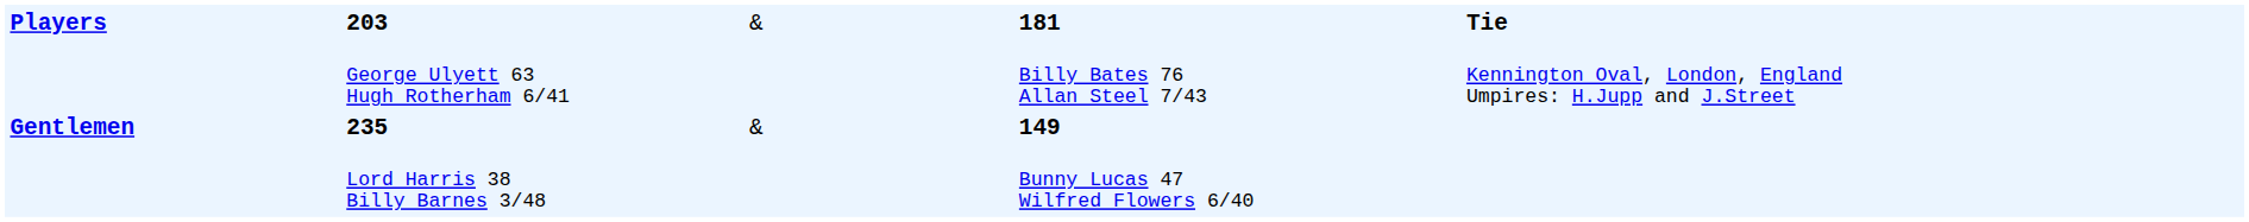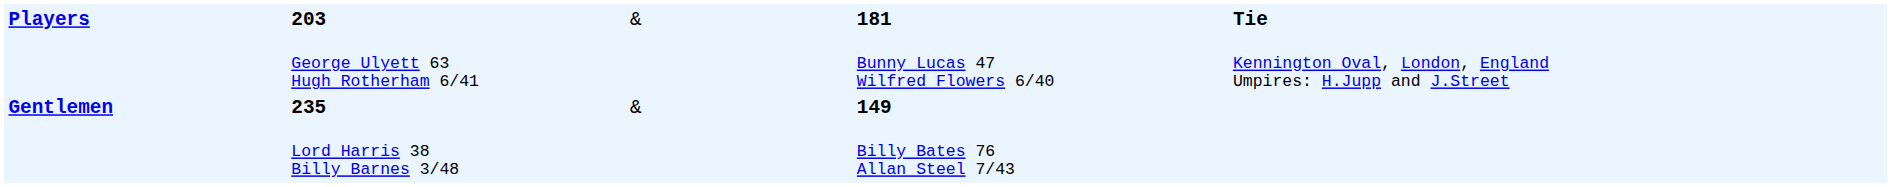 <table width="100%" style="background: #EBF5FF">
 <tr>
 <td width="15%" valign="top" rowspan="2"><strong><a href='#'>Players</a></strong></td>
 <td width="18%"><strong>203</strong></td>
 <td width="12%">&</td>
 <td width="20%"><strong>181</strong></td>
 <td width="35%"><strong>Tie</strong></td>
 </tr>
 <tr>
 <td style="font-size: 85%;" valign="top"><br><a href='#'>George Ulyett</a> 63<br> <a href='#'>Hugh Rotherham</a> 6/41</td>
 <td></td>
-<td style="font-size: 85%;"><br><a href='#'>Billy Bates</a> 76<br> <a href='#'>Allan Steel</a> 7/43</td>
+<td valign="top" style="font-size: 85%;"><br><a href='#'>Bunny Lucas</a> 47<br> <a href='#'>Wilfred Flowers</a> 6/40</td>
 <td valign="top" style="font-size: 85%;" rowspan="3"><br><a href='#'>Kennington Oval</a>, <a href='#'>London</a>, <a href='#'>England</a><br> Umpires: <a href='#'>H.Jupp</a> and <a href='#'>J.Street</a></td>
 </tr>
 <tr>
 <td valign="top" rowspan="2"><strong><a href='#'>Gentlemen</a></strong></td>
 <td><strong>235</strong></td>
 <td>&</td>
 <td><strong>149</strong></td>
 </tr>
 <tr>
 <td style="font-size: 85%;"><br><a href='#'>Lord Harris</a> 38<br> <a href='#'>Billy Barnes</a> 3/48</td>
 <td></td>
-<td valign="top" style="font-size: 85%;"><br><a href='#'>Bunny Lucas</a> 47<br> <a href='#'>Wilfred Flowers</a> 6/40</td>
+<td style="font-size: 85%;"><br><a href='#'>Billy Bates</a> 76<br> <a href='#'>Allan Steel</a> 7/43</td>
 </tr>
 </table>
